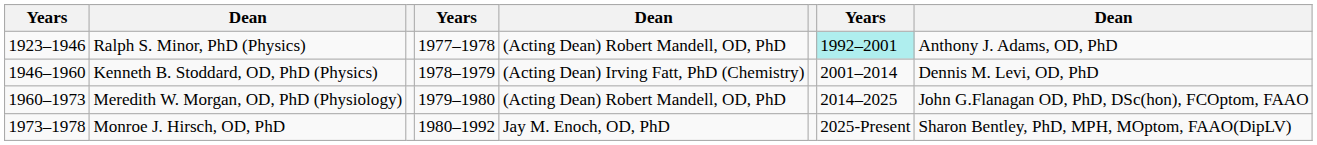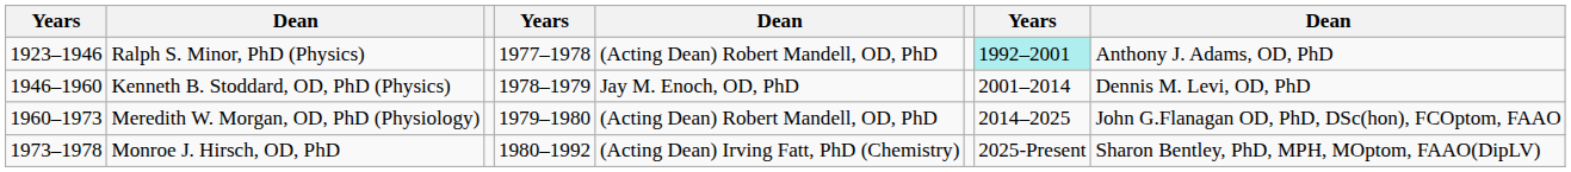 <table class="wikitable" style="text-align:left">
 <tr>
 <th>Years</th>
 <th>Dean</th>
 <th></th>
 <th>Years</th>
 <th>Dean</th>
 <th></th>
 <th>Years</th>
 <th>Dean</th>
 </tr>
 <tr>
 <td>1923–1946</td>
 <td>Ralph S. Minor, PhD (Physics)</td>
 <td></td>
 <td>1977–1978</td>
 <td>(Acting Dean) Robert Mandell, OD, PhD</td>
 <td></td>
 <td style="background: paleturquoise;">1992–2001</td>
 <td>Anthony J. Adams, OD, PhD</td>
 </tr>
 <tr>
 <td>1946–1960</td>
 <td>Kenneth B. Stoddard, OD, PhD (Physics)</td>
 <td></td>
 <td>1978–1979</td>
-<td>(Acting Dean) Irving Fatt, PhD (Chemistry)</td>
+<td>Jay M. Enoch, OD, PhD</td>
 <td></td>
 <td>2001–2014</td>
 <td>Dennis M. Levi, OD, PhD</td>
 </tr>
 <tr>
 <td>1960–1973</td>
 <td>Meredith W. Morgan, OD, PhD (Physiology)</td>
 <td></td>
 <td>1979–1980</td>
 <td>(Acting Dean) Robert Mandell, OD, PhD</td>
 <td></td>
 <td>2014–2025</td>
 <td>John G.Flanagan OD, PhD, DSc(hon), FCOptom, FAAO</td>
 </tr>
 <tr>
 <td>1973–1978</td>
 <td>Monroe J. Hirsch, OD, PhD</td>
 <td></td>
 <td>1980–1992</td>
-<td>Jay M. Enoch, OD, PhD</td>
+<td>(Acting Dean) Irving Fatt, PhD (Chemistry)</td>
 <td></td>
 <td>2025-Present</td>
 <td>Sharon Bentley, PhD, MPH, MOptom, FAAO(DipLV)</td>
 </tr>
 </table>
